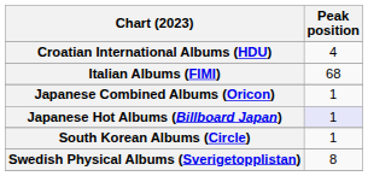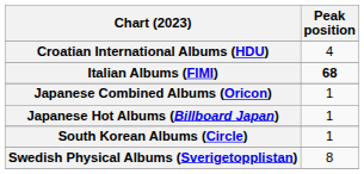 <table class="wikitable plainrowheaders sortable" style="text-align:center">
 <tr>
 <th scope="col">Chart (2023)</th>
 <th scope="col">Peak<br>position</th>
 </tr>
 <tr>
 </tr>
 <tr>
 </tr>
 <tr>
 </tr>
 <tr>
 <th scope="row">Croatian International Albums (<a href='#'>HDU</a>)</th>
 <td>4</td>
 </tr>
 <tr>
 </tr>
 <tr>
 </tr>
 <tr>
 <th scope="row">Italian Albums (<a href='#'>FIMI</a>)</th>
-<td>68</td>
+<td><strong>68</strong></td>
 </tr>
 <tr>
 </tr>
 <tr>
 <th scope="row">Japanese Combined Albums (<a href='#'>Oricon</a>)</th>
 <td>1</td>
 </tr>
 <tr>
 <th scope="row">Japanese Hot Albums (<em><a href='#'>Billboard Japan</a></em>)</th>
-<td style="background: lavender;">1</td>
+<td>1</td>
 </tr>
 <tr>
 </tr>
 <tr>
 <th scope="row">South Korean Albums (<a href='#'>Circle</a>)</th>
 <td>1</td>
 </tr>
 <tr>
 </tr>
 <tr>
 <th scope="row">Swedish Physical Albums (<a href='#'>Sverigetopplistan</a>)</th>
 <td>8</td>
 </tr>
 <tr>
 </tr>
 <tr>
 </tr>
 <tr>
 </tr>
 <tr>
 </tr>
 </table>
